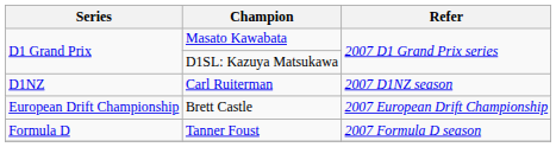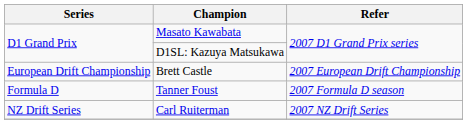 <table class="wikitable" style="font-size:87%;">
 <tr>
 <th>Series</th>
 <th>Champion</th>
 <th>Refer</th>
 </tr>
 <tr>
 <td rowspan=2><a href='#'>D1 Grand Prix</a></td>
 <td> <a href='#'>Masato Kawabata</a></td>
 <td rowspan=2><em><a href='#'>2007 D1 Grand Prix series</a></em></td>
 </tr>
 <tr>
 <td>D1SL:  Kazuya Matsukawa</td>
 </tr>
 <tr>
-<td><a href='#'>D1NZ</a></td>
-<td> <a href='#'>Carl Ruiterman</a></td>
-<td><em><a href='#'>2007 D1NZ season</a></em></td>
-</tr>
-<tr>
 <td><a href='#'>European Drift Championship</a></td>
 <td> Brett Castle</td>
 <td><em><a href='#'>2007 European Drift Championship</a></em></td>
 </tr>
 <tr>
 <td><a href='#'>Formula D</a></td>
 <td> <a href='#'>Tanner Foust</a></td>
 <td><em><a href='#'>2007 Formula D season</a></em></td>
 </tr>
 <tr>
+<td><a href='#'>NZ Drift Series</a></td>
+<td> <a href='#'>Carl Ruiterman</a></td>
+<td><em><a href='#'>2007 NZ Drift Series</a></em></td>
+</tr>
+<tr>
 </tr>
 </table>
